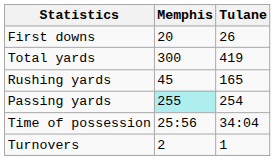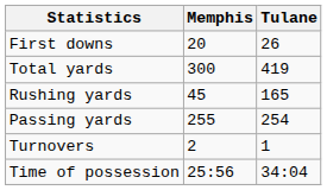 <table class="wikitable">
 <tr>
 <th>Statistics</th>
 <th>Memphis</th>
 <th>Tulane</th>
 </tr>
 <tr>
 <td>First downs</td>
 <td>20</td>
 <td>26</td>
 </tr>
 <tr>
 <td>Total yards</td>
 <td>300</td>
 <td>419</td>
 </tr>
 <tr>
 <td>Rushing yards</td>
 <td>45</td>
 <td>165</td>
 </tr>
 <tr>
 <td>Passing yards</td>
-<td style="background: paleturquoise;">255</td>
+<td>255</td>
 <td>254</td>
+</tr>
+<tr>
+<td>Turnovers</td>
+<td>2</td>
+<td>1</td>
 </tr>
 <tr>
 <td>Time of possession</td>
 <td>25:56</td>
 <td>34:04</td>
 </tr>
 <tr>
-<td>Turnovers</td>
-<td>2</td>
-<td>1</td>
-</tr>
-<tr>
 </tr>
 </table>
